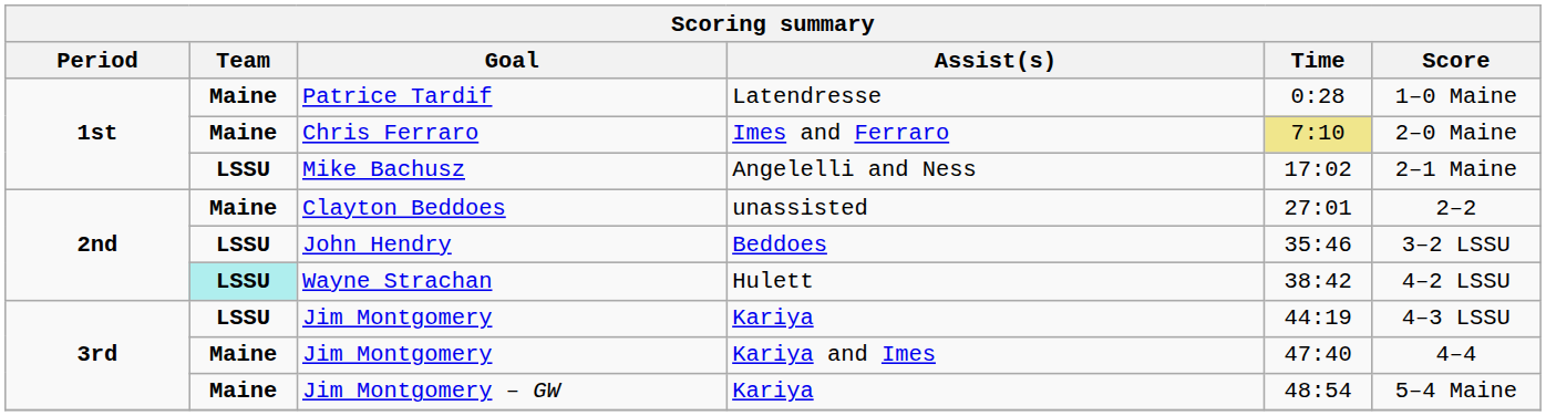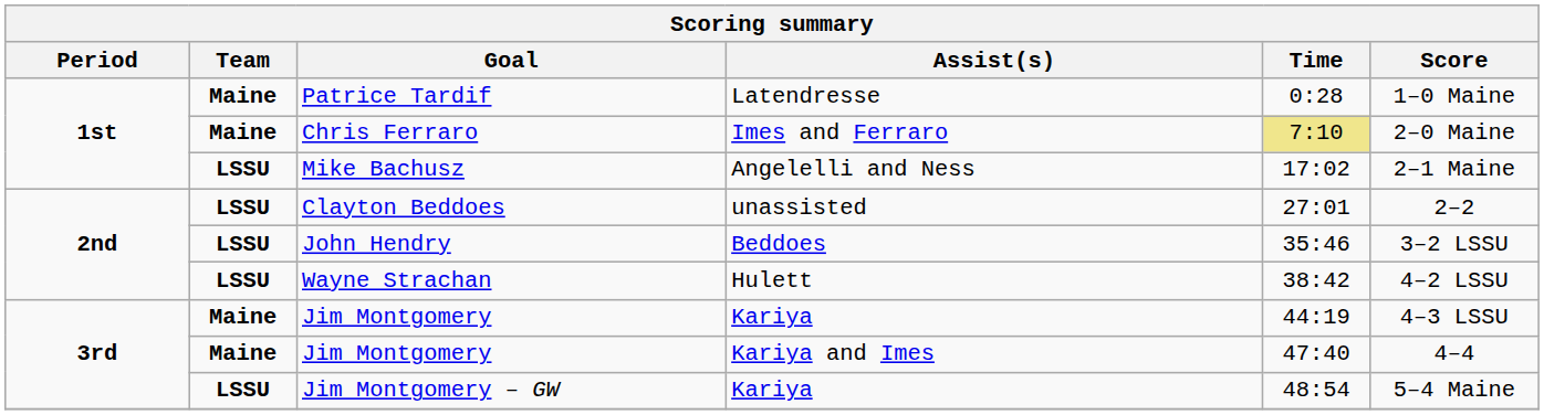 <table style="width:100%;" class="wikitable">
 <tr>
 <th colspan=6>Scoring summary</th>
 </tr>
 <tr>
 <th style="width:12%;">Period</th>
 <th style="width:7%;">Team</th>
 <th style="width:28%;">Goal</th>
 <th style="width:35%;">Assist(s)</th>
 <th style="width:7%;">Time</th>
 <th style="width:11%;">Score</th>
 </tr>
 <tr>
 <td style="text-align:center;" rowspan="3"><strong>1st</strong></td>
 <td align=center><strong>Maine</strong></td>
 <td><a href='#'>Patrice Tardif</a></td>
 <td>Latendresse</td>
 <td align=center>0:28</td>
 <td align=center>1–0 Maine</td>
 </tr>
 <tr>
 <td align=center><strong>Maine</strong></td>
 <td><a href='#'>Chris Ferraro</a></td>
 <td><a href='#'>Imes</a> and <a href='#'>Ferraro</a></td>
 <td align=center style="background: khaki;">7:10</td>
 <td align=center>2–0 Maine</td>
 </tr>
 <tr>
 <td align=center><strong>LSSU</strong></td>
 <td><a href='#'>Mike Bachusz</a></td>
 <td>Angelelli and Ness</td>
 <td align=center>17:02</td>
 <td align=center>2–1 Maine</td>
 </tr>
 <tr>
 <td style="text-align:center;" rowspan="3"><strong>2nd</strong></td>
-<td align=center><strong>Maine</strong></td>
+<td align=center><strong>LSSU</strong></td>
 <td><a href='#'>Clayton Beddoes</a></td>
 <td>unassisted</td>
 <td align=center>27:01</td>
 <td align=center>2–2</td>
 </tr>
 <tr>
 <td align=center><strong>LSSU</strong></td>
 <td><a href='#'>John Hendry</a></td>
 <td><a href='#'>Beddoes</a></td>
 <td align=center>35:46</td>
 <td align=center>3–2 LSSU</td>
 </tr>
 <tr>
-<td align=center style="background: paleturquoise;"><strong>LSSU</strong></td>
+<td align=center><strong>LSSU</strong></td>
 <td><a href='#'>Wayne Strachan</a></td>
 <td>Hulett</td>
 <td align=center>38:42</td>
 <td align=center>4–2 LSSU</td>
 </tr>
 <tr>
 <td style="text-align:center;" rowspan="3"><strong>3rd</strong></td>
-<td align=center><strong>LSSU</strong></td>
+<td align=center><strong>Maine</strong></td>
 <td><a href='#'>Jim Montgomery</a></td>
 <td><a href='#'>Kariya</a></td>
 <td align=center>44:19</td>
 <td align=center>4–3 LSSU</td>
 </tr>
 <tr>
 <td align=center><strong>Maine</strong></td>
 <td><a href='#'>Jim Montgomery</a></td>
 <td><a href='#'>Kariya</a> and <a href='#'>Imes</a></td>
 <td align=center>47:40</td>
 <td align=center>4–4</td>
 </tr>
 <tr>
-<td align=center><strong>Maine</strong></td>
+<td align=center><strong>LSSU</strong></td>
 <td><a href='#'>Jim Montgomery</a> – <em>GW</em></td>
 <td><a href='#'>Kariya</a></td>
 <td align=center>48:54</td>
 <td align=center>5–4 Maine</td>
 </tr>
 <tr>
 </tr>
 </table>
